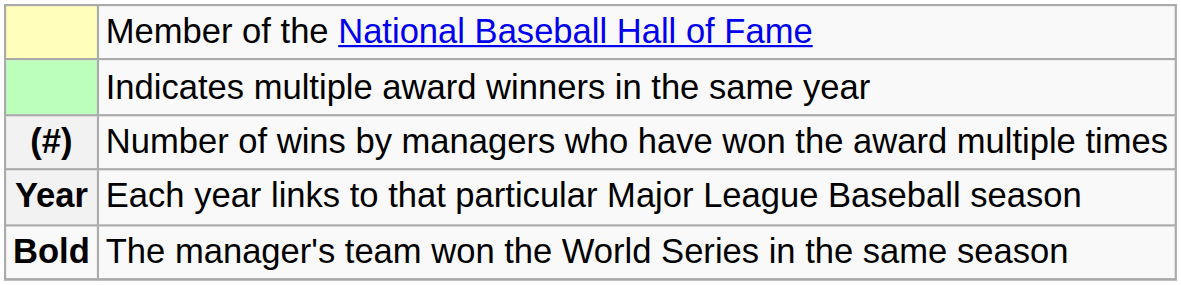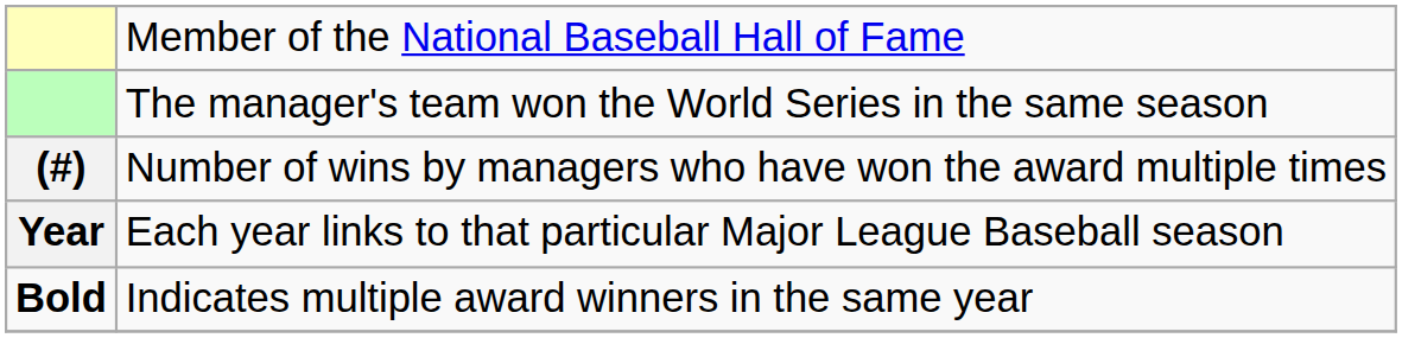 <table class="wikitable">
 <tr>
 <th style="text-align:center; background-color: #ffffbb"></th>
 <td>Member of the <a href='#'>National Baseball Hall of Fame</a></td>
 </tr>
 <tr>
 <th style="background:#bfb;"></th>
-<td>Indicates multiple award winners in the same year</td>
+<td>The manager's team won the World Series in the same season</td>
 </tr>
 <tr>
 <th>(#)</th>
 <td>Number of wins by managers who have won the award multiple times</td>
 </tr>
 <tr>
 <th>Year</th>
 <td>Each year links to that particular Major League Baseball season</td>
 </tr>
 <tr>
 <td><strong>Bold</strong></td>
-<td>The manager's team won the World Series in the same season</td>
+<td>Indicates multiple award winners in the same year</td>
 </tr>
 <tr>
 </tr>
 </table>
